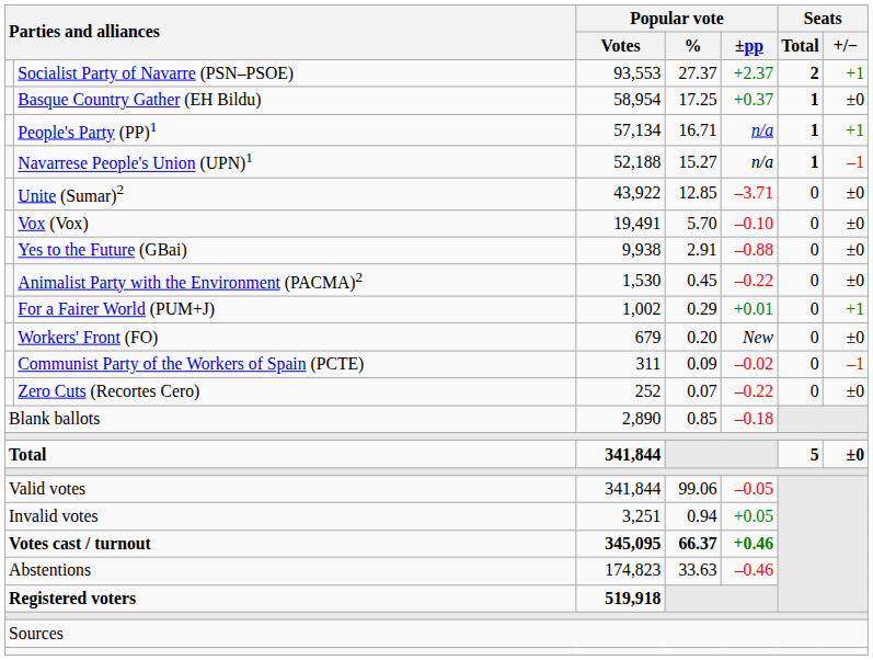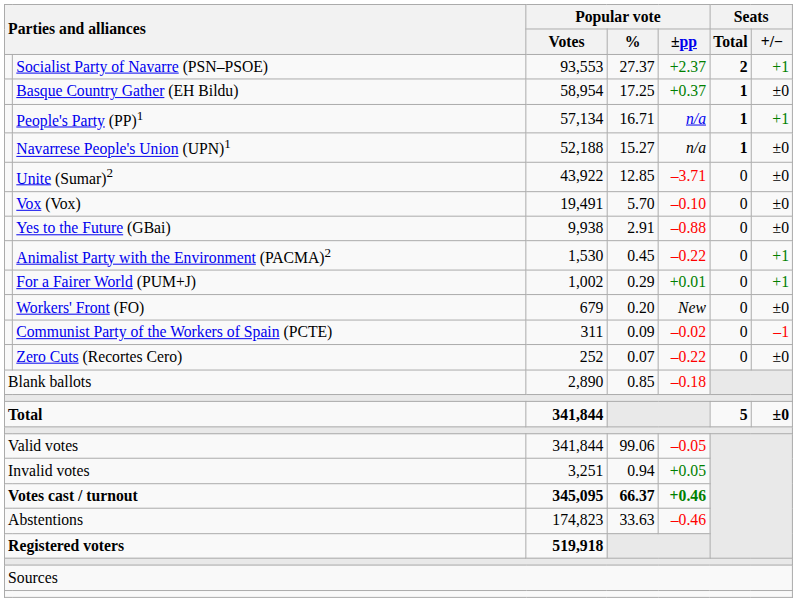 <table class="wikitable" style="text-align:right;">
 <tr>
 <th style="text-align:left;" rowspan="2" colspan="2" width="525">Parties and alliances</th>
 <th colspan="3">Popular vote</th>
 <th colspan="2">Seats</th>
 </tr>
 <tr>
 <th width="75">Votes</th>
 <th width="45">%</th>
 <th width="45">±<a href='#'>pp</a></th>
 <th width="35">Total</th>
 <th width="35">+/−</th>
 </tr>
 <tr>
 <td width="1" style="color:inherit;background:"></td>
 <td align="left"><a href='#'>Socialist Party of Navarre</a> (PSN–PSOE)</td>
 <td>93,553</td>
 <td>27.37</td>
 <td style="color:green;">+2.37</td>
 <td><strong>2</strong></td>
 <td style="color:green;">+1</td>
 </tr>
 <tr>
 <td style="color:inherit;background:"></td>
 <td align="left"><a href='#'>Basque Country Gather</a> (EH Bildu)</td>
 <td>58,954</td>
 <td>17.25</td>
 <td style="color:green;">+0.37</td>
 <td><strong>1</strong></td>
 <td>±0</td>
 </tr>
 <tr>
 <td style="color:inherit;background:"></td>
 <td align="left"><a href='#'>People's Party</a> (PP)<sup>1</sup></td>
 <td>57,134</td>
 <td>16.71</td>
 <td><em><a href='#'>n/a</a></em></td>
 <td><strong>1</strong></td>
 <td style="color:green;">+1</td>
 </tr>
 <tr>
 <td style="color:inherit;background:"></td>
 <td align="left"><a href='#'>Navarrese People's Union</a> (UPN)<sup>1</sup></td>
 <td>52,188</td>
 <td>15.27</td>
 <td><em>n/a</em></td>
 <td><strong>1</strong></td>
-<td style="color:red;">–1</td>
+<td>±0</td>
 </tr>
 <tr>
 <td style="color:inherit;background:"></td>
 <td align="left"><a href='#'>Unite</a> (Sumar)<sup>2</sup></td>
 <td>43,922</td>
 <td>12.85</td>
 <td style="color:red;">–3.71</td>
 <td>0</td>
 <td>±0</td>
 </tr>
 <tr>
 <td style="color:inherit;background:"></td>
 <td align="left"><a href='#'>Vox</a> (Vox)</td>
 <td>19,491</td>
 <td>5.70</td>
 <td style="color:red;">–0.10</td>
 <td>0</td>
 <td>±0</td>
 </tr>
 <tr>
 <td style="color:inherit;background:"></td>
 <td align="left"><a href='#'>Yes to the Future</a> (GBai)</td>
 <td>9,938</td>
 <td>2.91</td>
 <td style="color:red;">–0.88</td>
 <td>0</td>
 <td>±0</td>
 </tr>
 <tr>
 <td style="color:inherit;background:"></td>
 <td align="left"><a href='#'>Animalist Party with the Environment</a> (PACMA)<sup>2</sup></td>
 <td>1,530</td>
 <td>0.45</td>
 <td style="color:red;">–0.22</td>
 <td>0</td>
-<td>±0</td>
+<td style="color:green;">+1</td>
 </tr>
 <tr>
 <td style="color:inherit;background:"></td>
 <td align="left"><a href='#'>For a Fairer World</a> (PUM+J)</td>
 <td>1,002</td>
 <td>0.29</td>
 <td style="color:green;">+0.01</td>
 <td>0</td>
 <td style="color:green;">+1</td>
 </tr>
 <tr>
 <td style="color:inherit;background:"></td>
 <td align="left"><a href='#'>Workers' Front</a> (FO)</td>
 <td>679</td>
 <td>0.20</td>
 <td><em>New</em></td>
 <td>0</td>
 <td>±0</td>
 </tr>
 <tr>
 <td style="color:inherit;background:"></td>
 <td align="left"><a href='#'>Communist Party of the Workers of Spain</a> (PCTE)</td>
 <td>311</td>
 <td>0.09</td>
 <td style="color:red;">–0.02</td>
 <td>0</td>
 <td style="color:red;">–1</td>
 </tr>
 <tr>
 <td style="color:inherit;background:"></td>
 <td align="left"><a href='#'>Zero Cuts</a> (Recortes Cero)</td>
 <td>252</td>
 <td>0.07</td>
 <td style="color:red;">–0.22</td>
 <td>0</td>
 <td>±0</td>
 </tr>
 <tr>
 <td align="left" colspan="2">Blank ballots</td>
 <td>2,890</td>
 <td>0.85</td>
 <td style="color:red;">–0.18</td>
 <td bgcolor="#E9E9E9" colspan="2"></td>
 </tr>
 <tr>
 <td colspan="7" bgcolor="#E9E9E9"></td>
 </tr>
 <tr style="font-weight:bold;">
 <td align="left" colspan="2">Total</td>
 <td>341,844</td>
 <td bgcolor="#E9E9E9" colspan="2"></td>
 <td>5</td>
 <td>±0</td>
 </tr>
 <tr>
 <td colspan="7" bgcolor="#E9E9E9"></td>
 </tr>
 <tr>
 <td align="left" colspan="2">Valid votes</td>
 <td>341,844</td>
 <td>99.06</td>
 <td style="color:red;">–0.05</td>
 <td bgcolor="#E9E9E9" colspan="2" rowspan="5"></td>
 </tr>
 <tr>
 <td align="left" colspan="2">Invalid votes</td>
 <td>3,251</td>
 <td>0.94</td>
 <td style="color:green;">+0.05</td>
 </tr>
 <tr style="font-weight:bold;">
 <td align="left" colspan="2">Votes cast / turnout</td>
 <td>345,095</td>
 <td>66.37</td>
 <td style="color:green;">+0.46</td>
 </tr>
 <tr>
 <td align="left" colspan="2">Abstentions</td>
 <td>174,823</td>
 <td>33.63</td>
 <td style="color:red;">–0.46</td>
 </tr>
 <tr style="font-weight:bold;">
 <td align="left" colspan="2">Registered voters</td>
 <td>519,918</td>
 <td bgcolor="#E9E9E9" colspan="2"></td>
 </tr>
 <tr>
 <td colspan="7" bgcolor="#E9E9E9"></td>
 </tr>
 <tr>
 <td align="left" colspan="7">Sources</td>
 </tr>
 <tr>
 <td colspan="7" style="text-align:left; max-width:790px;"></td>
 </tr>
 </table>
